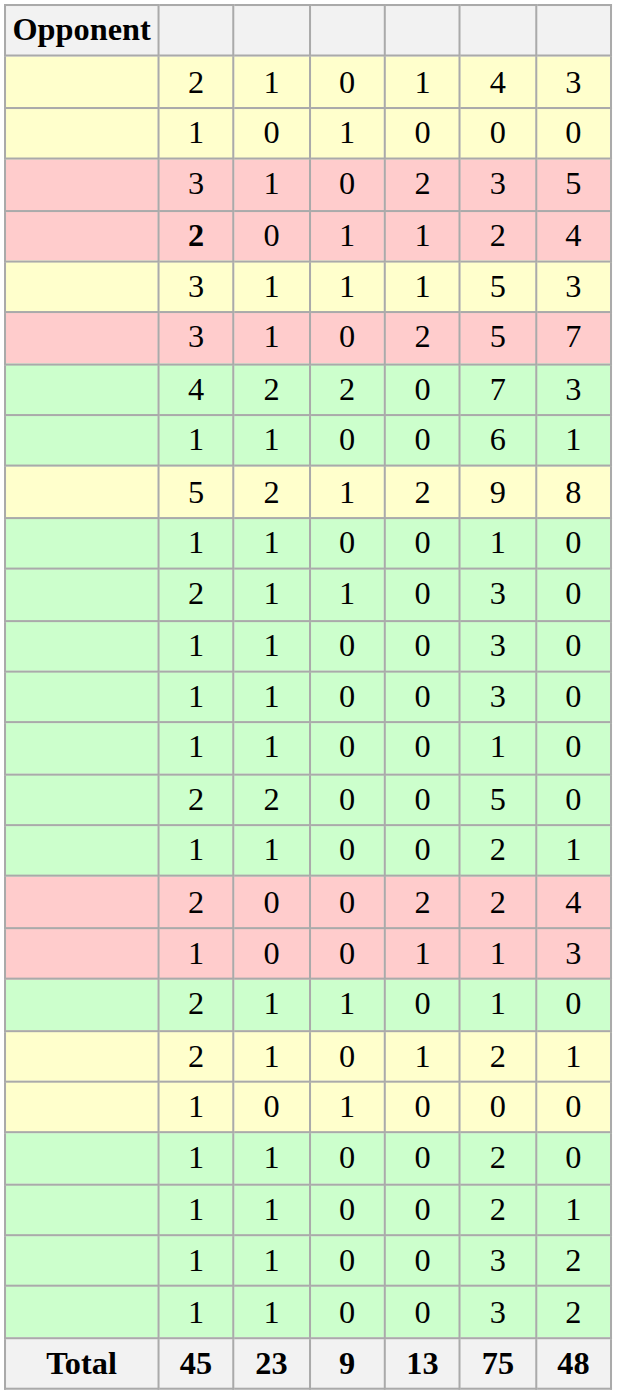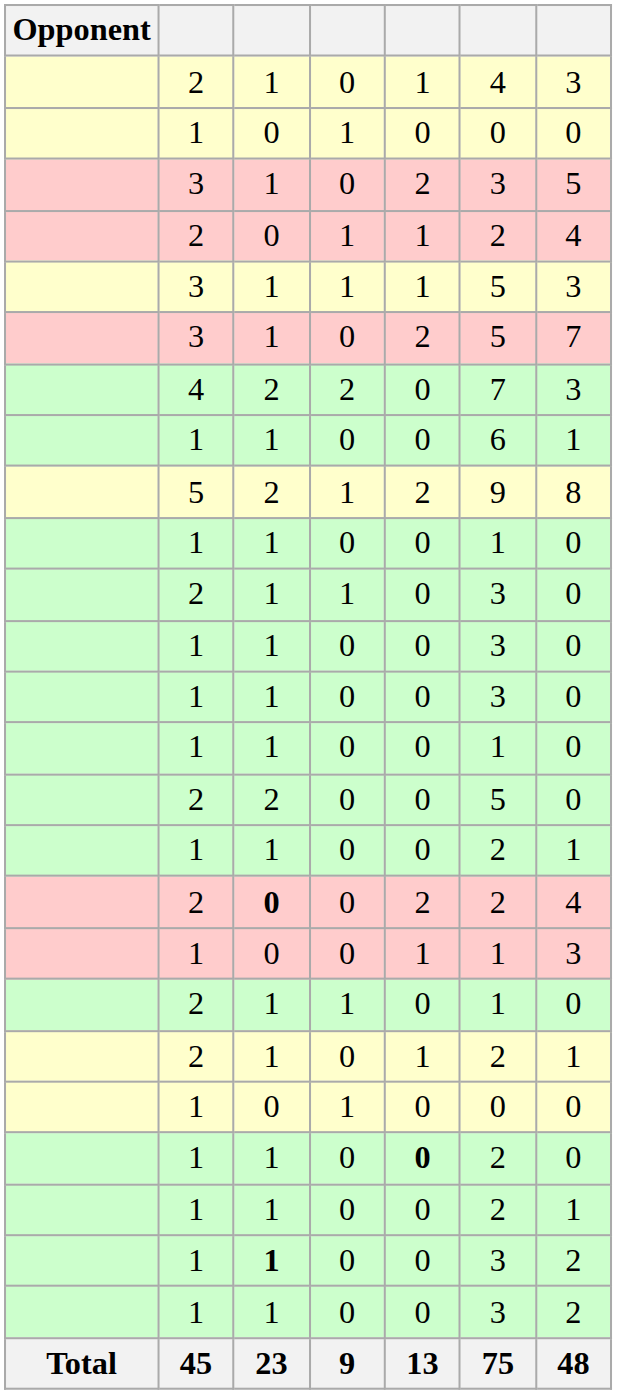 <table class="wikitable sortable" style="text-align: center;">
 <tr>
 <th width="30">Opponent</th>
 <th width="30"></th>
 <th width="30"></th>
 <th width="30"></th>
 <th width="30"></th>
 <th width="30"></th>
 <th width="30"></th>
 </tr>
 <tr bgcolor=#FFFFCC>
 <td align="left"></td>
 <td>2</td>
 <td>1</td>
 <td>0</td>
 <td>1</td>
 <td>4</td>
 <td>3</td>
 </tr>
 <tr bgcolor=#FFFFCC>
 <td align="left"></td>
 <td>1</td>
 <td>0</td>
 <td>1</td>
 <td>0</td>
 <td>0</td>
 <td>0</td>
 </tr>
 <tr bgcolor=#FFCCCC>
 <td align="left"></td>
 <td>3</td>
 <td>1</td>
 <td>0</td>
 <td>2</td>
 <td>3</td>
 <td>5</td>
 </tr>
 <tr bgcolor=#FFCCCC>
 <td align="left"></td>
-<td><strong>2</strong></td>
+<td>2</td>
 <td>0</td>
 <td>1</td>
 <td>1</td>
 <td>2</td>
 <td>4</td>
 </tr>
 <tr bgcolor=#FFFFCC>
 <td align="left"></td>
 <td>3</td>
 <td>1</td>
 <td>1</td>
 <td>1</td>
 <td>5</td>
 <td>3</td>
 </tr>
 <tr bgcolor=#FFCCCC>
 <td align="left"></td>
 <td>3</td>
 <td>1</td>
 <td>0</td>
 <td>2</td>
 <td>5</td>
 <td>7</td>
 </tr>
 <tr bgcolor=#CCFFCC>
 <td align="left"></td>
 <td>4</td>
 <td>2</td>
 <td>2</td>
 <td>0</td>
 <td>7</td>
 <td>3</td>
 </tr>
 <tr bgcolor=#CCFFCC>
 <td align="left"></td>
 <td>1</td>
 <td>1</td>
 <td>0</td>
 <td>0</td>
 <td>6</td>
 <td>1</td>
 </tr>
 <tr bgcolor=#FFFFCC>
 <td align="left"></td>
 <td>5</td>
 <td>2</td>
 <td>1</td>
 <td>2</td>
 <td>9</td>
 <td>8</td>
 </tr>
 <tr bgcolor=#CCFFCC>
 <td align="left"></td>
 <td>1</td>
 <td>1</td>
 <td>0</td>
 <td>0</td>
 <td>1</td>
 <td>0</td>
 </tr>
 <tr bgcolor=#CCFFCC>
 <td align="left"></td>
 <td>2</td>
 <td>1</td>
 <td>1</td>
 <td>0</td>
 <td>3</td>
 <td>0</td>
 </tr>
 <tr bgcolor=#CCFFCC>
 <td align="left"></td>
 <td>1</td>
 <td>1</td>
 <td>0</td>
 <td>0</td>
 <td>3</td>
 <td>0</td>
 </tr>
 <tr bgcolor=#CCFFCC>
 <td align="left"></td>
 <td>1</td>
 <td>1</td>
 <td>0</td>
 <td>0</td>
 <td>3</td>
 <td>0</td>
 </tr>
 <tr bgcolor=#CCFFCC>
 <td align="left"></td>
 <td>1</td>
 <td>1</td>
 <td>0</td>
 <td>0</td>
 <td>1</td>
 <td>0</td>
 </tr>
 <tr bgcolor=#CCFFCC>
 <td align="left"></td>
 <td>2</td>
 <td>2</td>
 <td>0</td>
 <td>0</td>
 <td>5</td>
 <td>0</td>
 </tr>
 <tr bgcolor=#CCFFCC>
 <td align="left"></td>
 <td>1</td>
 <td>1</td>
 <td>0</td>
 <td>0</td>
 <td>2</td>
 <td>1</td>
 </tr>
 <tr bgcolor=#FFCCCC>
 <td align="left"></td>
 <td>2</td>
-<td>0</td>
+<td><strong>0</strong></td>
 <td>0</td>
 <td>2</td>
 <td>2</td>
 <td>4</td>
 </tr>
 <tr bgcolor=#FFCCCC>
 <td align="left"></td>
 <td>1</td>
 <td>0</td>
 <td>0</td>
 <td>1</td>
 <td>1</td>
 <td>3</td>
 </tr>
 <tr bgcolor=#CCFFCC>
 <td align="left"></td>
 <td>2</td>
 <td>1</td>
 <td>1</td>
 <td>0</td>
 <td>1</td>
 <td>0</td>
 </tr>
 <tr bgcolor=#FFFFCC>
 <td align="left"></td>
 <td>2</td>
 <td>1</td>
 <td>0</td>
 <td>1</td>
 <td>2</td>
 <td>1</td>
 </tr>
 <tr bgcolor=#FFFFCC>
 <td align="left"></td>
 <td>1</td>
 <td>0</td>
 <td>1</td>
 <td>0</td>
 <td>0</td>
 <td>0</td>
 </tr>
 <tr bgcolor=#CCFFCC>
 <td align="left"></td>
 <td>1</td>
 <td>1</td>
 <td>0</td>
-<td>0</td>
+<td><strong>0</strong></td>
 <td>2</td>
 <td>0</td>
 </tr>
 <tr bgcolor=#CCFFCC>
 <td align="left"></td>
 <td>1</td>
 <td>1</td>
 <td>0</td>
 <td>0</td>
 <td>2</td>
 <td>1</td>
 </tr>
 <tr bgcolor=#CCFFCC>
 <td align="left"></td>
 <td>1</td>
-<td>1</td>
+<td><strong>1</strong></td>
 <td>0</td>
 <td>0</td>
 <td>3</td>
 <td>2</td>
 </tr>
 <tr bgcolor=#CCFFCC>
 <td align="left"></td>
 <td>1</td>
 <td>1</td>
 <td>0</td>
 <td>0</td>
 <td>3</td>
 <td>2</td>
 </tr>
 <tr>
 <th>Total</th>
 <th>45</th>
 <th>23</th>
 <th>9</th>
 <th>13</th>
 <th>75</th>
 <th>48</th>
 </tr>
 </table>
